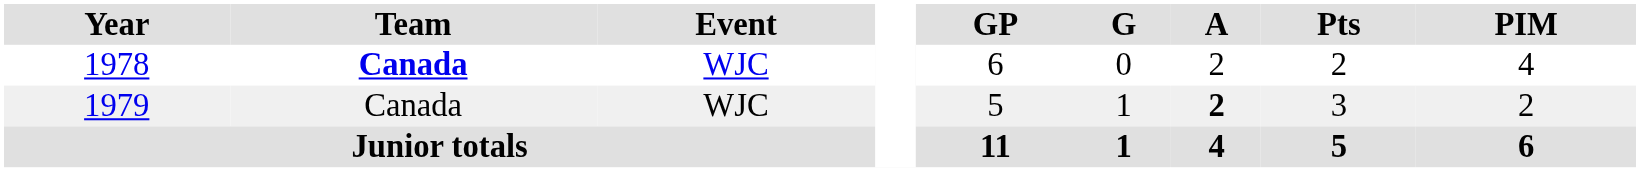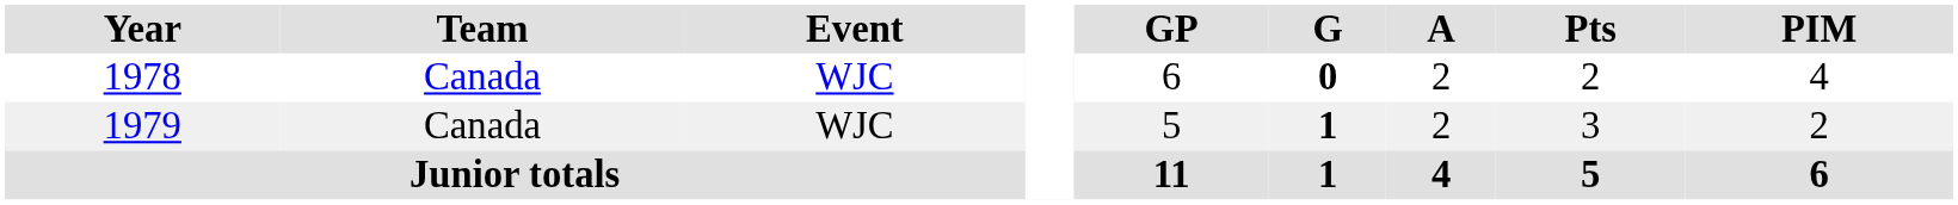 <table border="0" cellpadding="1" cellspacing="0" style="text-align:center; width:50em;">
 <tr ALIGN="centre" bgcolor="#e0e0e0">
 <th>Year</th>
 <th>Team</th>
 <th>Event</th>
 <th ALIGN="centre" rowspan="99" bgcolor="#ffffff"> </th>
 <th>GP</th>
 <th>G</th>
 <th>A</th>
 <th>Pts</th>
 <th>PIM</th>
 </tr>
 <tr>
 <td><a href='#'>1978</a></td>
-<td><strong><a href='#'>Canada</a></strong></td>
+<td><a href='#'>Canada</a></td>
 <td><a href='#'>WJC</a></td>
 <td>6</td>
-<td>0</td>
+<td><strong>0</strong></td>
 <td>2</td>
 <td>2</td>
 <td>4</td>
 </tr>
 <tr bgcolor="#f0f0f0">
 <td><a href='#'>1979</a></td>
 <td>Canada</td>
 <td>WJC</td>
 <td>5</td>
-<td>1</td>
-<td><strong>2</strong></td>
+<td><strong>1</strong></td>
+<td>2</td>
 <td>3</td>
 <td>2</td>
 </tr>
 <tr bgcolor="#e0e0e0">
 <th colspan=3>Junior totals</th>
 <th>11</th>
 <th>1</th>
 <th>4</th>
 <th>5</th>
 <th>6</th>
 </tr>
 </table>
